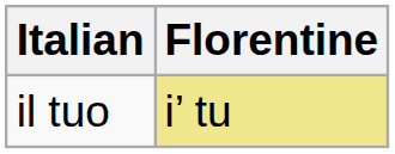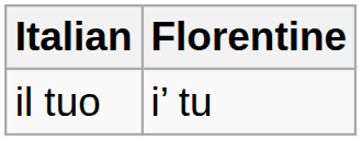 <table class="wikitable">
 <tr>
 <th>Italian</th>
 <th>Florentine</th>
 </tr>
 <tr>
 <td>il tuo</td>
-<td style="background: khaki;">i’ tu</td>
+<td>i’ tu</td>
 </tr>
 </table>
